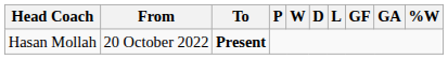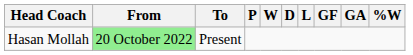 <table class="wikitable sortable" style="text-align:center">
 <tr>
 <th>Head Coach</th>
 <th Class="unsortable">From</th>
 <th Class="unsortable">To</th>
 <th abbr="3">P</th>
 <th abbr="1">W</th>
 <th abbr="1">D</th>
 <th abbr="1">L</th>
 <th abbr="4">GF</th>
 <th abbr="6">GA</th>
 <th abbr="50">%W</th>
 </tr>
 <tr>
 <td align=left> Hasan   Mollah</td>
-<td align=left>20 October 2022</td>
-<td align=left><strong>Present<br></strong></td>
+<td align=left style="background: lightgreen;">20 October 2022</td>
+<td align=left>Present<br></td>
 </tr>
 </table>
